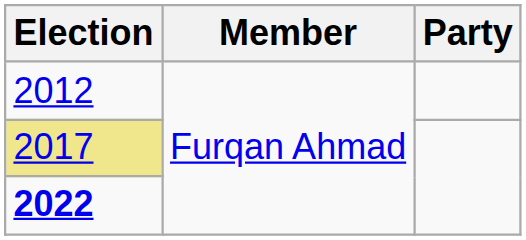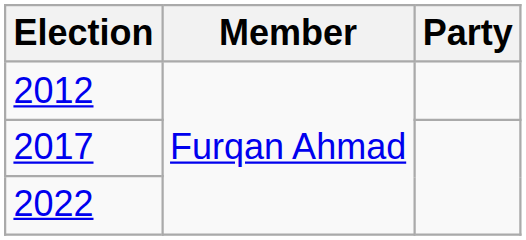 <table class="wikitable sortable">
 <tr>
 <th>Election</th>
 <th>Member</th>
 <th colspan=2>Party</th>
 </tr>
 <tr>
 <td><a href='#'>2012</a></td>
 <td rowspan=3><a href='#'>Furqan Ahmad</a></td>
 <td></td>
 </tr>
 <tr>
-<td style="background: khaki;"><a href='#'>2017</a></td>
+<td><a href='#'>2017</a></td>
 </tr>
 <tr>
-<td><strong><a href='#'>2022</a></strong></td>
+<td><a href='#'>2022</a></td>
 </tr>
 </table>
